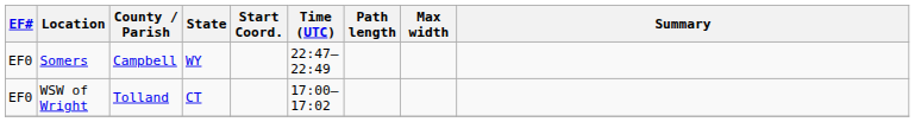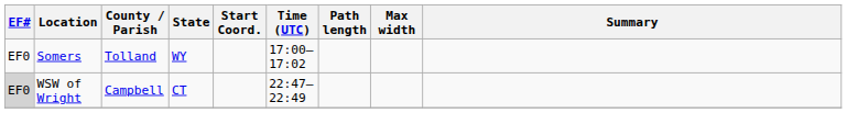 <table class="wikitable sortable" style="width:100%;">
 <tr>
 <th scope="col"  style="width:3%; text-align:center;"><a href='#'>EF#</a></th>
 <th scope="col"  style="width:7%; text-align:center;" class="unsortable">Location</th>
 <th scope="col"  style="width:6%; text-align:center;" class="unsortable">County / Parish</th>
 <th scope="col"  style="width:5%; text-align:center;">State</th>
 <th scope="col"  style="width:6%; text-align:center;">Start Coord.</th>
 <th scope="col"  style="width:6%; text-align:center;">Time (<a href='#'>UTC</a>)</th>
 <th scope="col"  style="width:6%; text-align:center;">Path length</th>
 <th scope="col"  style="width:6%; text-align:center;">Max width</th>
 <th scope="col" class="unsortable" style="width:48%; text-align:center;">Summary</th>
 </tr>
 <tr>
 <td>EF0</td>
 <td><a href='#'>Somers</a></td>
+<td><a href='#'>Tolland</a></td>
+<td><a href='#'>WY</a></td>
+<td></td>
+<td>17:00–17:02</td>
+<td></td>
+<td></td>
+<td></td>
+</tr>
+<tr>
+<td style="background: lightgrey;">EF0</td>
+<td>WSW of <a href='#'>Wright</a></td>
 <td><a href='#'>Campbell</a></td>
-<td><a href='#'>WY</a></td>
+<td><a href='#'>CT</a></td>
 <td></td>
 <td>22:47–22:49</td>
 <td></td>
 <td></td>
 <td></td>
 </tr>
 <tr>
-<td>EF0</td>
-<td>WSW of <a href='#'>Wright</a></td>
-<td><a href='#'>Tolland</a></td>
-<td><a href='#'>CT</a></td>
-<td></td>
-<td>17:00–17:02</td>
-<td></td>
-<td></td>
-<td></td>
-</tr>
-<tr>
 </tr>
 </table>
